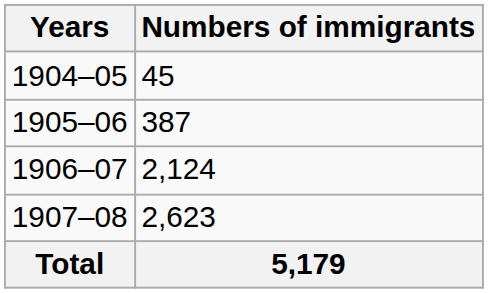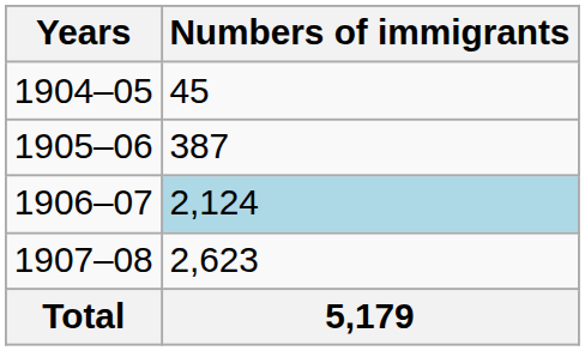 <table class="wikitable">
 <tr>
 <th>Years</th>
 <th>Numbers of immigrants</th>
 </tr>
 <tr>
 <td>1904–05</td>
 <td>45</td>
 </tr>
 <tr>
 <td>1905–06</td>
 <td>387</td>
 </tr>
 <tr>
 <td>1906–07</td>
-<td>2,124</td>
+<td style="background: lightblue;">2,124</td>
 </tr>
 <tr>
 <td>1907–08</td>
 <td>2,623</td>
 </tr>
 <tr>
 <th>Total</th>
 <th>5,179</th>
 </tr>
 </table>
